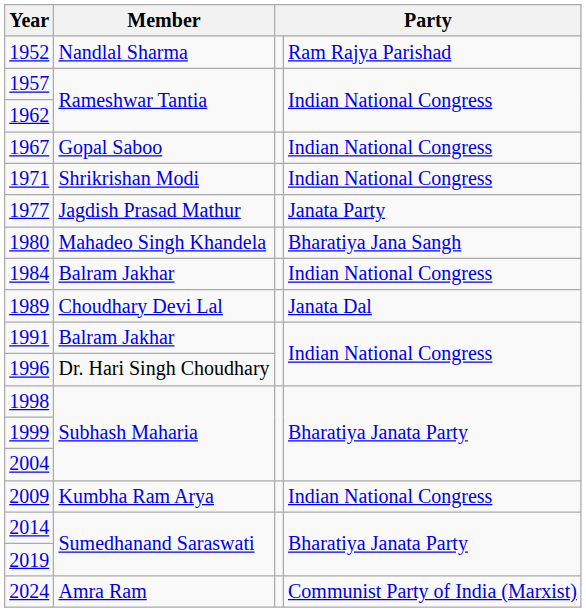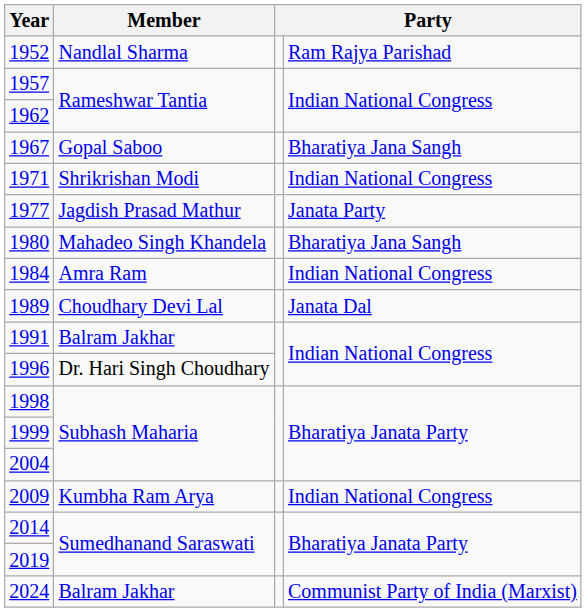 <table class="wikitable">
 <tr>
 <th>Year</th>
 <th>Member</th>
 <th colspan="2">Party</th>
 </tr>
 <tr>
 <td><a href='#'>1952</a></td>
 <td><a href='#'>Nandlal Sharma</a></td>
 <td style="background-color: "></td>
 <td><a href='#'>Ram Rajya Parishad</a></td>
 </tr>
 <tr>
 <td><a href='#'>1957</a></td>
 <td rowspan="2"><a href='#'>Rameshwar Tantia</a></td>
 <td rowspan="2" style="background-color: "></td>
 <td rowspan="2"><a href='#'>Indian National Congress</a></td>
 </tr>
 <tr>
 <td><a href='#'>1962</a></td>
 </tr>
 <tr>
 <td><a href='#'>1967</a></td>
 <td><a href='#'>Gopal Saboo</a></td>
 <td style="background-color: "></td>
-<td><a href='#'>Indian National Congress</a></td>
+<td><a href='#'>Bharatiya Jana Sangh</a></td>
 </tr>
 <tr>
 <td><a href='#'>1971</a></td>
 <td><a href='#'>Shrikrishan Modi</a></td>
 <td style="background-color: "></td>
 <td><a href='#'>Indian National Congress</a></td>
 </tr>
 <tr>
 <td><a href='#'>1977</a></td>
 <td><a href='#'>Jagdish Prasad Mathur</a></td>
 <td style="background-color: "></td>
 <td><a href='#'>Janata Party</a></td>
 </tr>
 <tr>
 <td><a href='#'>1980</a></td>
 <td><a href='#'>Mahadeo Singh Khandela</a></td>
 <td style="background-color: "></td>
 <td><a href='#'>Bharatiya Jana Sangh</a></td>
 </tr>
 <tr>
 <td><a href='#'>1984</a></td>
-<td><a href='#'>Balram Jakhar</a></td>
+<td><a href='#'>Amra Ram</a></td>
 <td style="background-color: "></td>
 <td><a href='#'>Indian National Congress</a></td>
 </tr>
 <tr>
 <td><a href='#'>1989</a></td>
 <td><a href='#'>Choudhary Devi Lal</a></td>
 <td style="background-color: "></td>
 <td><a href='#'>Janata Dal</a></td>
 </tr>
 <tr>
 <td><a href='#'>1991</a></td>
 <td><a href='#'>Balram Jakhar</a></td>
 <td rowspan="2" style="background-color: "></td>
 <td rowspan="2"><a href='#'>Indian National Congress</a></td>
 </tr>
 <tr>
 <td><a href='#'>1996</a></td>
 <td>Dr. Hari Singh Choudhary</td>
 </tr>
 <tr>
 <td><a href='#'>1998</a></td>
 <td rowspan="3"><a href='#'>Subhash Maharia</a></td>
 <td rowspan="3" style="background-color: "></td>
 <td rowspan="3"><a href='#'>Bharatiya Janata Party</a></td>
 </tr>
 <tr>
 <td><a href='#'>1999</a></td>
 </tr>
 <tr>
 <td><a href='#'>2004</a></td>
 </tr>
 <tr>
 <td><a href='#'>2009</a></td>
 <td><a href='#'>Kumbha Ram Arya</a></td>
 <td style="background-color: "></td>
 <td><a href='#'>Indian National Congress</a></td>
 </tr>
 <tr>
 <td><a href='#'>2014</a></td>
 <td rowspan="2"><a href='#'>Sumedhanand Saraswati</a></td>
 <td rowspan="2" style="background-color: "></td>
 <td rowspan="2"><a href='#'>Bharatiya Janata Party</a></td>
 </tr>
 <tr>
 <td><a href='#'>2019</a></td>
 </tr>
 <tr>
 <td><a href='#'>2024</a></td>
-<td><a href='#'>Amra Ram</a></td>
+<td><a href='#'>Balram Jakhar</a></td>
 <td style="background-color: "></td>
 <td><a href='#'>Communist Party of India (Marxist)</a></td>
 </tr>
 </table>
